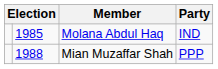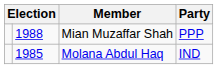 <table class="wikitable">
 <tr>
 <th colspan="2">Election</th>
 <th>Member</th>
 <th>Party</th>
 </tr>
 <tr>
 <td style="background-color: "></td>
+<td><a href='#'>1988</a></td>
+<td>Mian Muzaffar Shah</td>
+<td><a href='#'>PPP</a></td>
+</tr>
+<tr>
+<td style="background-color: "></td>
 <td><a href='#'>1985</a></td>
 <td><a href='#'>Molana Abdul Haq</a></td>
 <td><a href='#'>IND</a></td>
 </tr>
-<tr>
-<td style="background-color: "></td>
-<td><a href='#'>1988</a></td>
-<td>Mian Muzaffar Shah</td>
-<td><a href='#'>PPP</a></td>
-</tr>
 </table>
